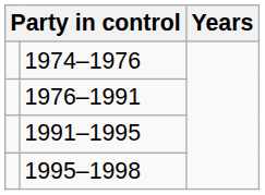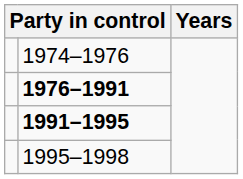 <table class="wikitable">
 <tr>
 <th colspan="2">Party in control</th>
 <th>Years</th>
 </tr>
 <tr>
 <td></td>
 <td>1974–1976</td>
 </tr>
 <tr>
 <td></td>
-<td>1976–1991</td>
+<td><strong>1976–1991</strong></td>
 </tr>
 <tr>
 <td></td>
-<td>1991–1995</td>
+<td><strong>1991–1995</strong></td>
 </tr>
 <tr>
 <td></td>
 <td>1995–1998</td>
 </tr>
 </table>
